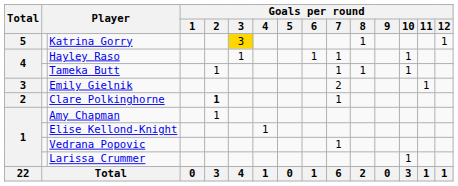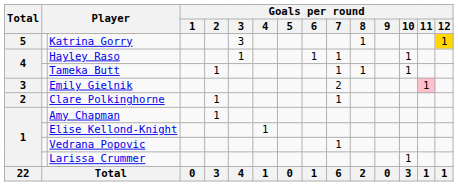 <table class="wikitable" style="text-align:center; line-height: 90%; font-size:90%;">
 <tr>
 <th rowspan="2">Total</th>
 <th rowspan="2" colspan="2">Player</th>
 <th colspan="12">Goals per round</th>
 </tr>
 <tr>
 <th> 1 </th>
 <th> 2 </th>
 <th> 3 </th>
 <th> 4 </th>
 <th> 5 </th>
 <th> 6 </th>
 <th> 7 </th>
 <th> 8 </th>
 <th> 9 </th>
 <th>10</th>
 <th>11</th>
 <th>12</th>
 </tr>
 <tr>
 <th rowspan="1">5</th>
 <td></td>
 <td style="text-align:left;"><a href='#'>Katrina Gorry</a></td>
 <td></td>
 <td></td>
-<td style="background: gold;">3</td>
+<td>3</td>
 <td></td>
 <td></td>
 <td></td>
 <td></td>
 <td>1</td>
 <td></td>
 <td></td>
 <td></td>
-<td>1</td>
+<td style="background: gold;">1</td>
 </tr>
 <tr>
 <th rowspan="2">4</th>
 <td></td>
 <td style="text-align:left;"><a href='#'>Hayley Raso</a></td>
 <td></td>
 <td></td>
 <td>1</td>
 <td></td>
 <td></td>
 <td>1</td>
 <td>1</td>
 <td></td>
 <td></td>
 <td>1</td>
 <td></td>
 <td></td>
 </tr>
 <tr>
 <td></td>
 <td style="text-align:left;"><a href='#'>Tameka Butt</a></td>
 <td></td>
 <td>1</td>
 <td></td>
 <td></td>
 <td></td>
 <td></td>
 <td>1</td>
 <td>1</td>
 <td></td>
 <td>1</td>
 <td></td>
 <td></td>
 </tr>
 <tr>
 <th rowspan="1">3</th>
 <td></td>
 <td style="text-align:left;"><a href='#'>Emily Gielnik</a></td>
 <td></td>
 <td></td>
 <td></td>
 <td></td>
 <td></td>
 <td></td>
 <td>2</td>
 <td></td>
 <td></td>
 <td></td>
-<td>1</td>
+<td style="background: pink;">1</td>
 <td></td>
 </tr>
 <tr>
 <th rowspan="1">2</th>
 <td></td>
 <td style="text-align:left;"><a href='#'>Clare Polkinghorne</a></td>
 <td></td>
-<td><strong>1</strong></td>
+<td>1</td>
 <td></td>
 <td></td>
 <td></td>
 <td></td>
 <td>1</td>
 <td></td>
 <td></td>
 <td></td>
 <td></td>
 <td></td>
 </tr>
 <tr>
 <th rowspan="4">1</th>
 <td></td>
 <td style="text-align:left;"><a href='#'>Amy Chapman</a></td>
 <td></td>
 <td>1</td>
 <td></td>
 <td></td>
 <td></td>
 <td></td>
 <td></td>
 <td></td>
 <td></td>
 <td></td>
 <td></td>
 <td></td>
 </tr>
 <tr>
 <td></td>
 <td style="text-align:left;"><a href='#'>Elise Kellond-Knight</a></td>
 <td></td>
 <td></td>
 <td></td>
 <td>1</td>
 <td></td>
 <td></td>
 <td></td>
 <td></td>
 <td></td>
 <td></td>
 <td></td>
 <td></td>
 </tr>
 <tr>
 <td></td>
 <td style="text-align:left;"><a href='#'>Vedrana Popovic</a></td>
 <td></td>
 <td></td>
 <td></td>
 <td></td>
 <td></td>
 <td></td>
 <td>1</td>
 <td></td>
 <td></td>
 <td></td>
 <td></td>
 <td></td>
 </tr>
 <tr>
 <td></td>
 <td style="text-align:left;"><a href='#'>Larissa Crummer</a></td>
 <td></td>
 <td></td>
 <td></td>
 <td></td>
 <td></td>
 <td></td>
 <td></td>
 <td></td>
 <td></td>
 <td>1</td>
 <td></td>
 <td></td>
 </tr>
 <tr>
 <th rowspan="1">22</th>
 <th colspan="2">Total</th>
 <th style="text-align:center;">0</th>
 <th>3</th>
 <th>4</th>
 <th>1</th>
 <th>0</th>
 <th>1</th>
 <th>6</th>
 <th>2</th>
 <th>0</th>
 <th>3</th>
 <th>1</th>
 <th>1</th>
 </tr>
 </table>
